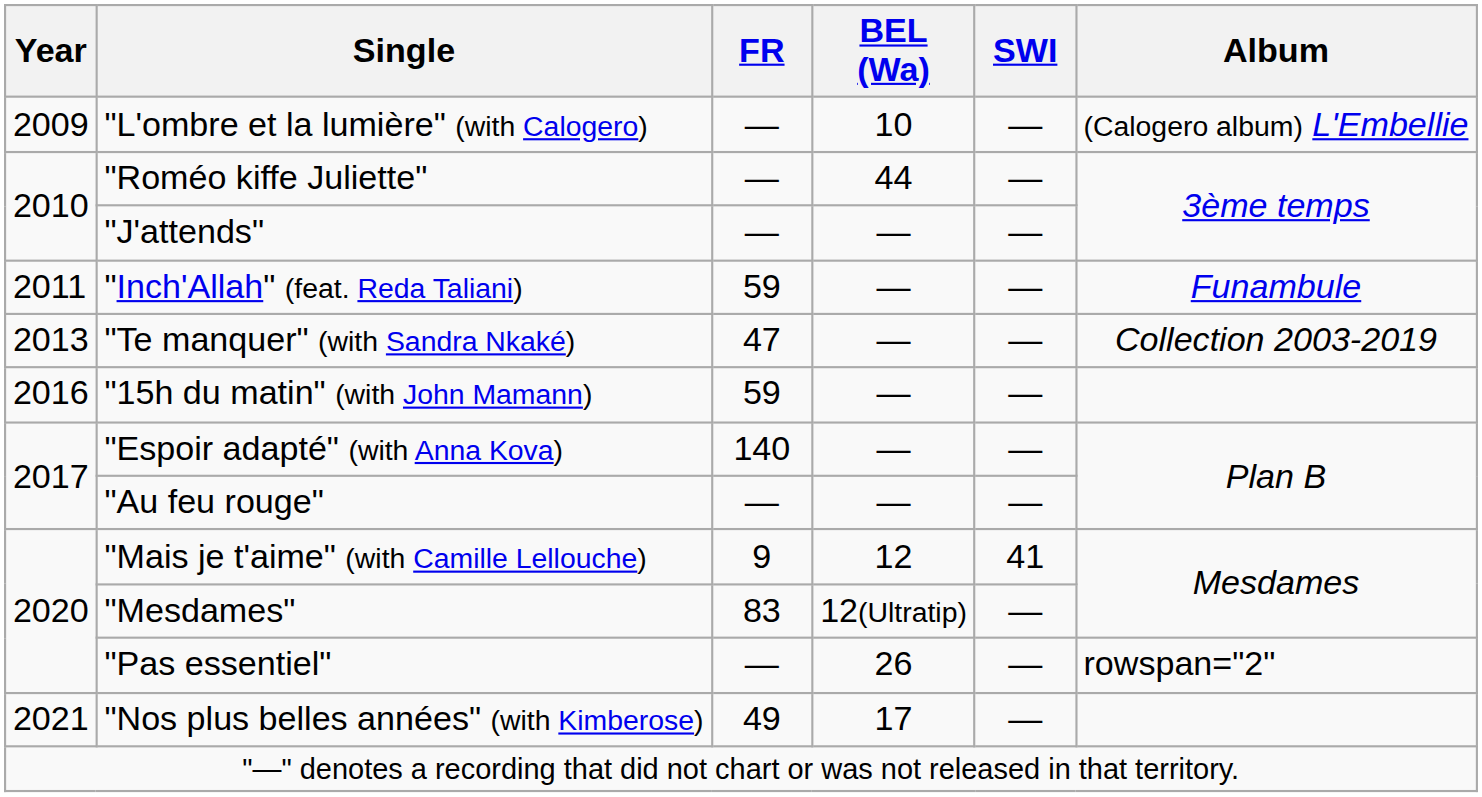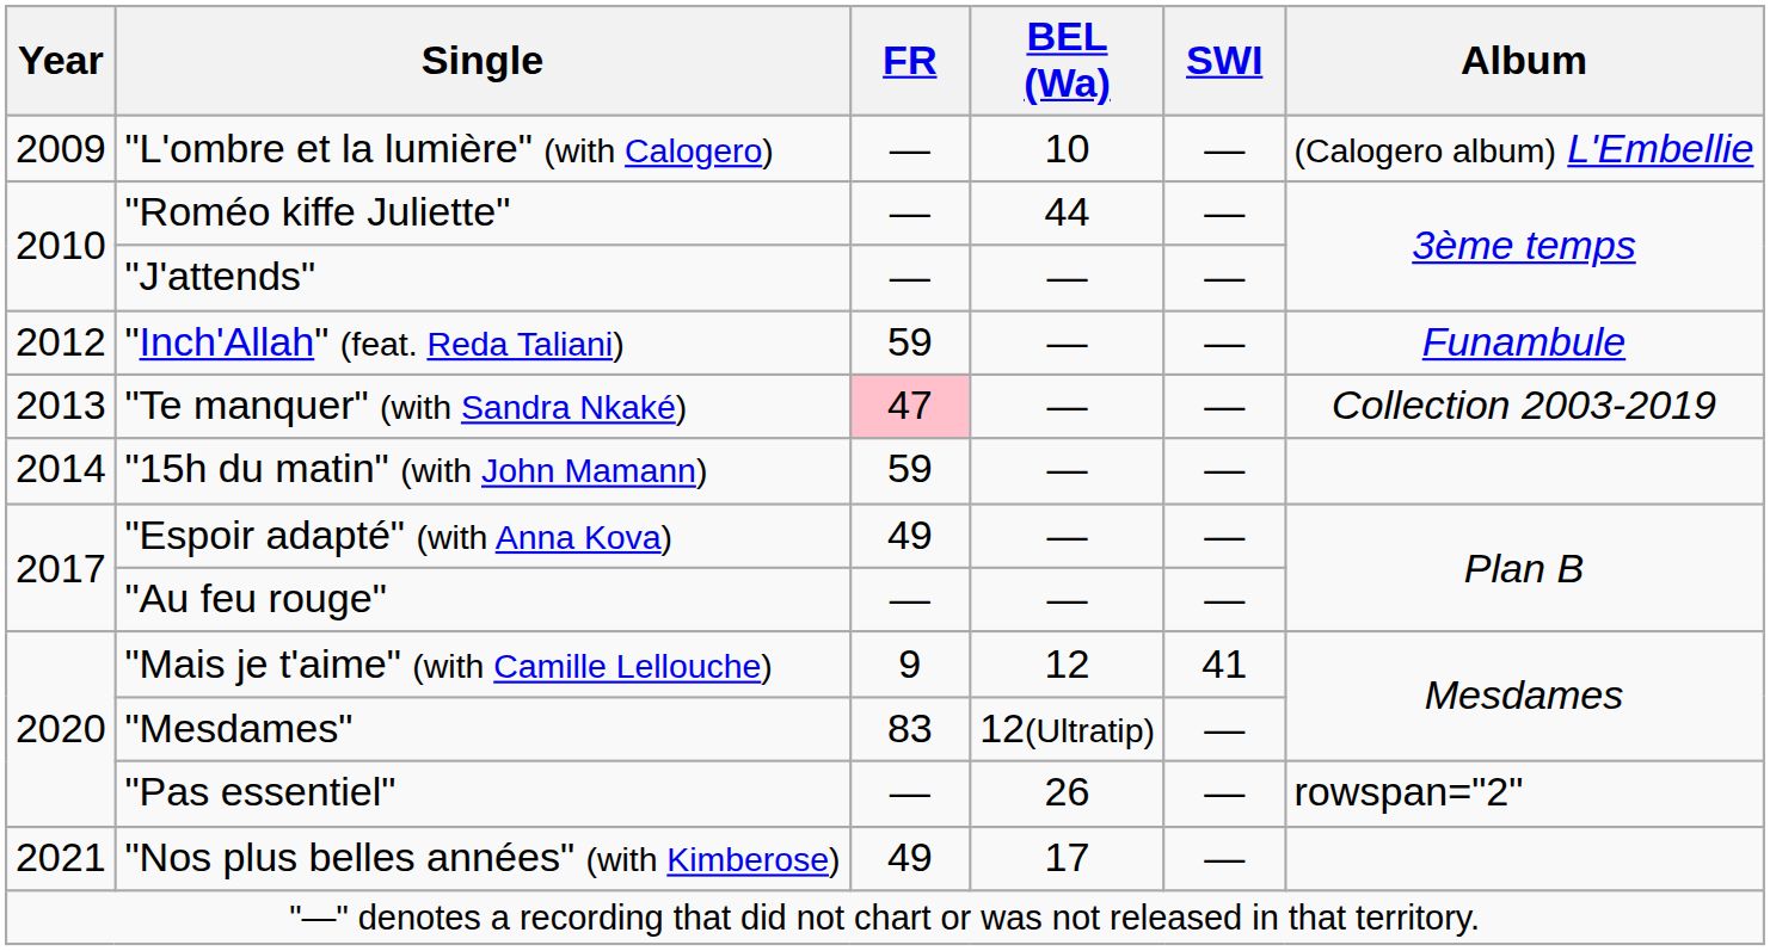 <table class="wikitable">
 <tr>
 <th>Year</th>
 <th>Single</th>
 <th width="40"><a href='#'>FR</a><br></th>
 <th width="40"><a href='#'>BEL<br>(Wa)</a><br></th>
 <th width="40"><a href='#'>SWI</a><br></th>
 <th>Album</th>
 </tr>
 <tr>
 <td>2009</td>
 <td>"L'ombre et la lumière" <small>(with <a href='#'>Calogero</a>)</small></td>
 <td align="center">—</td>
 <td align="center">10</td>
 <td align="center">—</td>
 <td align="center"><small>(Calogero album)</small> <em><a href='#'>L'Embellie</a></em></td>
 </tr>
 <tr>
 <td rowspan=2>2010</td>
 <td>"Roméo kiffe Juliette"</td>
 <td align="center">—</td>
 <td align="center">44</td>
 <td align="center">—</td>
 <td align="center" rowspan=2><em><a href='#'>3ème temps</a></em></td>
 </tr>
 <tr>
 <td>"J'attends"</td>
 <td align="center">—</td>
 <td align="center">—</td>
 <td align="center">—</td>
 </tr>
 <tr>
-<td>2011</td>
+<td>2012</td>
 <td>"<a href='#'>Inch'Allah</a>" <small>(feat. <a href='#'>Reda Taliani</a>)</small></td>
 <td align="center">59</td>
 <td align="center">—</td>
 <td align="center">—</td>
 <td align="center"><em><a href='#'>Funambule</a></em></td>
 </tr>
 <tr>
 <td>2013</td>
 <td>"Te manquer" <small>(with <a href='#'>Sandra Nkaké</a>)</small></td>
-<td align="center">47</td>
+<td align="center" style="background: pink;">47</td>
 <td align="center">—</td>
 <td align="center">—</td>
 <td align="center"><em>Collection 2003-2019</em></td>
 </tr>
 <tr>
-<td>2016</td>
+<td>2014</td>
 <td>"15h du matin" <small>(with <a href='#'>John Mamann</a>)</small></td>
 <td align="center">59</td>
 <td align="center">—</td>
 <td align="center">—</td>
 <td></td>
 </tr>
 <tr>
 <td rowspan="2">2017</td>
 <td>"Espoir adapté" <small>(with <a href='#'>Anna Kova</a>)</small></td>
-<td align="center">140<br></td>
+<td align="center">49</td>
 <td align="center">—</td>
 <td align="center">—</td>
 <td align="center" rowspan=2><em>Plan B</em></td>
 </tr>
 <tr>
 <td>"Au feu rouge"</td>
 <td align="center">—</td>
 <td align="center">—</td>
 <td align="center">—</td>
 </tr>
 <tr>
 <td rowspan="3">2020</td>
 <td>"Mais je t'aime" <small>(with <a href='#'>Camille Lellouche</a>)</small></td>
 <td align="center">9</td>
 <td align="center">12</td>
 <td align="center">41</td>
 <td align="center" rowspan=2><em>Mesdames</em></td>
 </tr>
 <tr>
 <td>"Mesdames"</td>
 <td align="center">83</td>
 <td align="center">12<small>(Ultratip)</small></td>
 <td align="center">—</td>
 </tr>
 <tr>
 <td>"Pas essentiel"</td>
 <td align="center">—</td>
 <td align="center">26</td>
 <td align="center">—</td>
 <td>rowspan="2" </td>
 </tr>
 <tr>
 <td>2021</td>
 <td>"Nos plus belles années" <small>(with <a href='#'>Kimberose</a>)</small></td>
 <td align="center">49</td>
 <td align="center">17</td>
 <td align="center">—</td>
 </tr>
 <tr>
 <td colspan="6" align="center" style="font-size:85%">"—" denotes a recording that did not chart or was not released in that territory.</td>
 </tr>
 </table>
